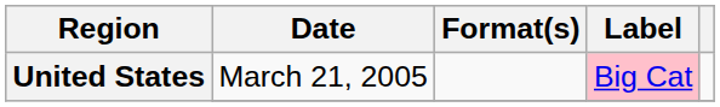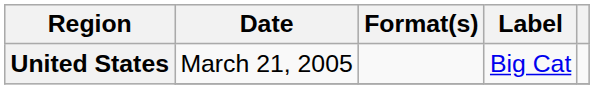 <table class="wikitable plainrowheaders">
 <tr>
 <th scope="col">Region</th>
 <th scope="col">Date</th>
 <th scope="col">Format(s)</th>
 <th scope="col">Label</th>
 <th scope="col"></th>
 </tr>
 <tr>
 <th scope="row" rowspan="2">United States</th>
 <td>March 21, 2005</td>
 <td></td>
-<td style="background: pink;"><a href='#'>Big Cat</a></td>
+<td><a href='#'>Big Cat</a></td>
 <td></td>
 </tr>
 <tr>
 </tr>
 </table>
